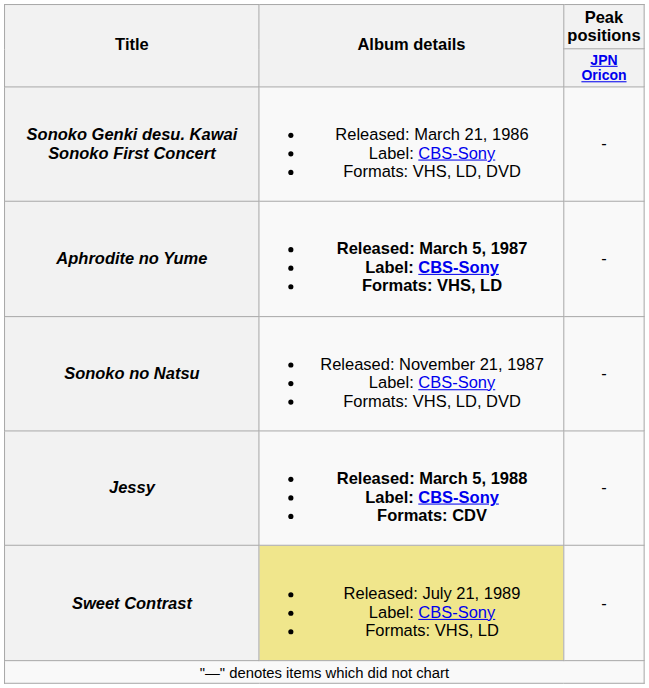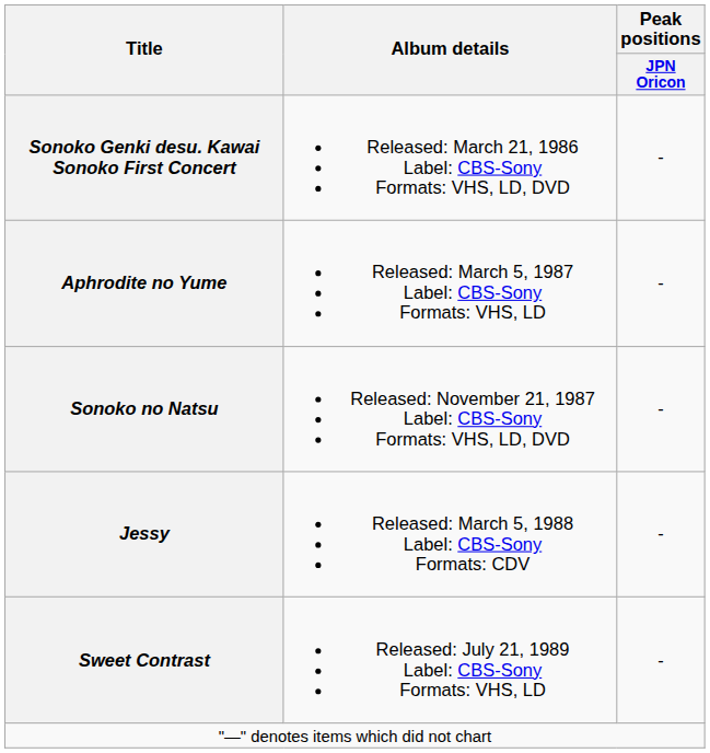 <table class="wikitable plainrowheaders" style="text-align:center;">
 <tr>
 <th style="width:15em;" rowspan="2">Title</th>
 <th style="width:18em;" rowspan="2">Album details</th>
 <th colspan="1">Peak positions</th>
 </tr>
 <tr>
 <th style="width:3em;font-size:85%"><a href='#'>JPN<br>Oricon</a><br></th>
 </tr>
 <tr>
 <th scope="row"><em>Sonoko Genki desu. Kawai Sonoko First Concert</em></th>
 <td><br><ul><li>Released: March 21, 1986</li><li>Label: <a href='#'>CBS-Sony</a></li><li>Formats: VHS, LD, DVD</li></ul></td>
 <td>-</td>
 </tr>
 <tr>
 <th scope="row"><em>Aphrodite no Yume</em></th>
-<td><strong><br><ul><li>Released: March 5, 1987</li><li>Label: <a href='#'>CBS-Sony</a></li><li>Formats: VHS, LD</li></ul></strong></td>
+<td><br><ul><li>Released: March 5, 1987</li><li>Label: <a href='#'>CBS-Sony</a></li><li>Formats: VHS, LD</li></ul></td>
 <td>-</td>
 </tr>
 <tr>
 <th scope="row"><em>Sonoko no Natsu</em></th>
 <td><br><ul><li>Released: November 21, 1987</li><li>Label: <a href='#'>CBS-Sony</a></li><li>Formats: VHS, LD, DVD</li></ul></td>
 <td>-</td>
 </tr>
 <tr>
 <th scope="row"><em>Jessy</em></th>
-<td><strong><br><ul><li>Released: March 5, 1988</li><li>Label: <a href='#'>CBS-Sony</a></li><li>Formats: CDV</li></ul></strong></td>
+<td><br><ul><li>Released: March 5, 1988</li><li>Label: <a href='#'>CBS-Sony</a></li><li>Formats: CDV</li></ul></td>
 <td>-</td>
 </tr>
 <tr>
 <th scope="row"><em>Sweet Contrast</em></th>
-<td style="background: khaki;"><br><ul><li>Released: July 21, 1989</li><li>Label: <a href='#'>CBS-Sony</a></li><li>Formats: VHS, LD</li></ul></td>
+<td><br><ul><li>Released: July 21, 1989</li><li>Label: <a href='#'>CBS-Sony</a></li><li>Formats: VHS, LD</li></ul></td>
 <td>-</td>
 </tr>
 <tr>
 <td colspan="11" align="center" style="font-size:90%;">"—" denotes items which did not chart</td>
 </tr>
 </table>
